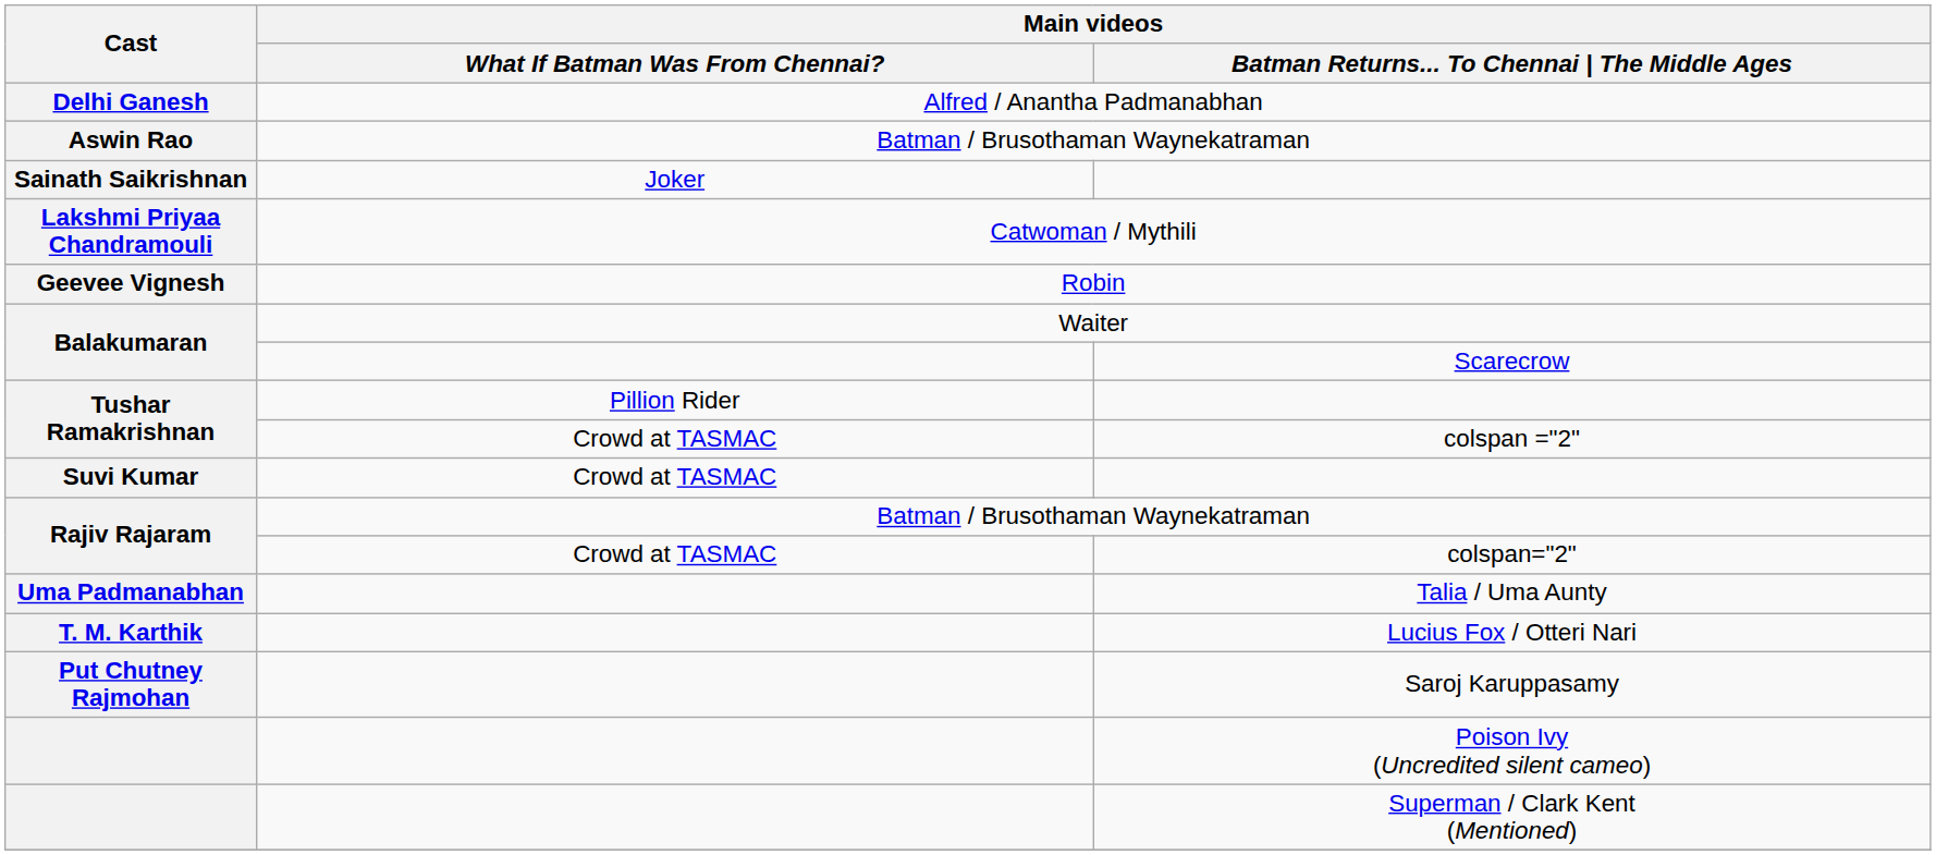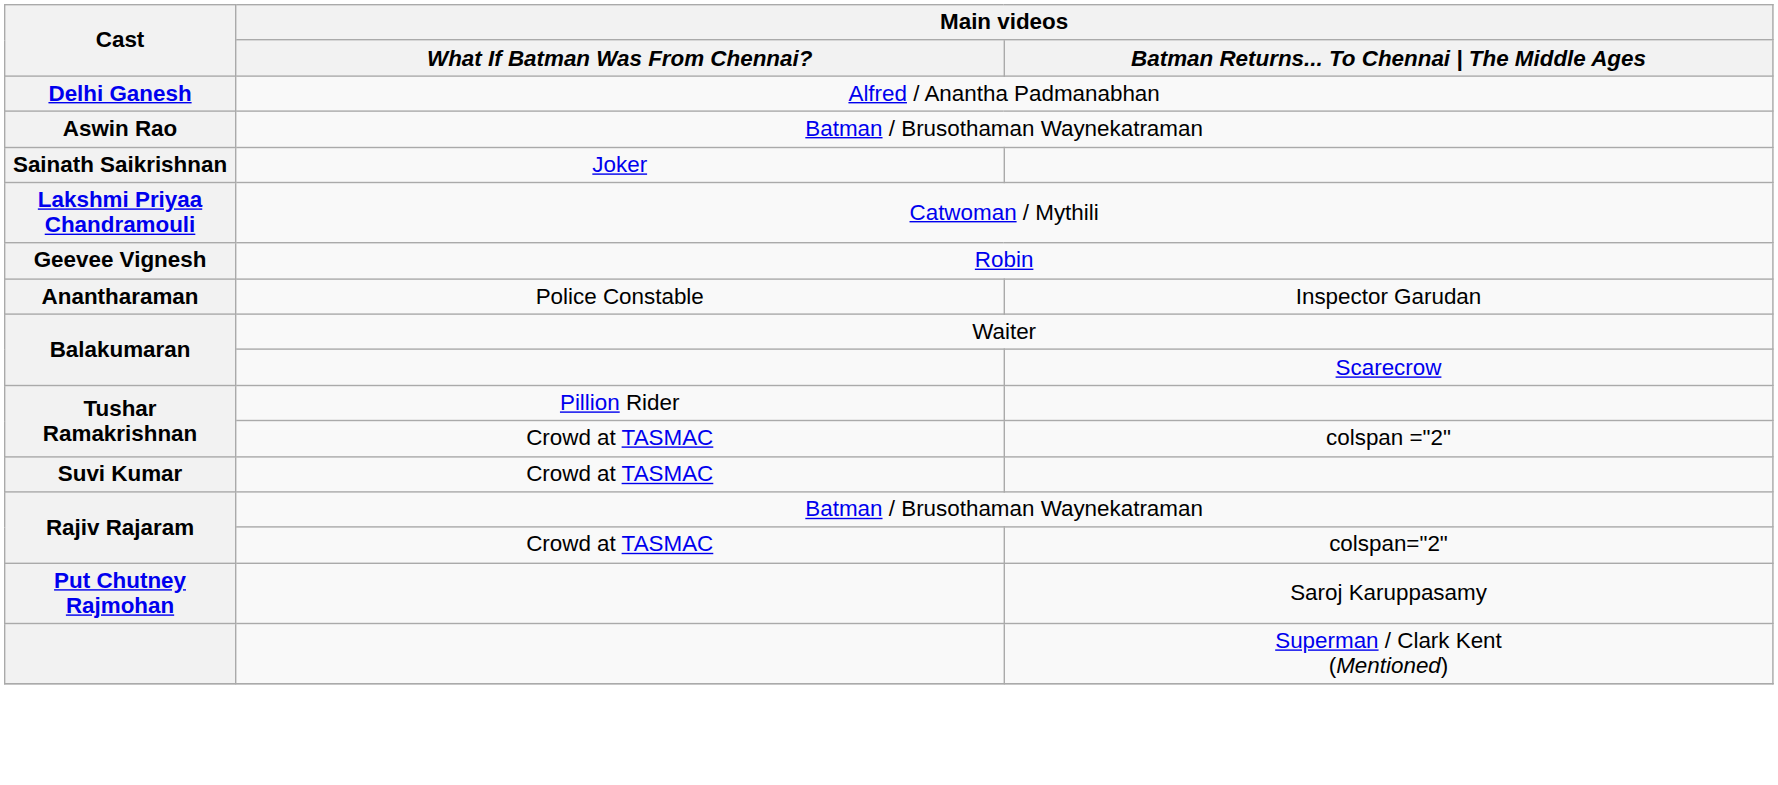 <table class="wikitable sortable" style="text-align: center; width: 100%">
 <tr>
 <th rowspan="2" style="width:10%;">Cast</th>
 <th colspan="2">Main videos</th>
 </tr>
 <tr>
 <th style="width:33.33%;"><em>What If Batman Was From Chennai?</em></th>
 <th style="width:33.33%;"><em>Batman Returns... To Chennai | The Middle Ages</em></th>
 </tr>
 <tr>
 <th><a href='#'>Delhi Ganesh</a></th>
 <td colspan="2"><a href='#'>Alfred</a> / Anantha Padmanabhan</td>
 </tr>
 <tr>
 <th>Aswin Rao</th>
 <td colspan="2"><a href='#'>Batman</a> / Brusothaman Waynekatraman</td>
 </tr>
 <tr>
 <th>Sainath Saikrishnan</th>
 <td><a href='#'>Joker</a></td>
 <td></td>
 </tr>
 <tr>
 <th><a href='#'>Lakshmi Priyaa Chandramouli</a></th>
 <td colspan="2"><a href='#'>Catwoman</a> / Mythili</td>
 </tr>
 <tr>
 <th>Geevee Vignesh</th>
 <td colspan="2"><a href='#'>Robin</a></td>
+</tr>
+<tr>
+<th>Anantharaman</th>
+<td>Police Constable</td>
+<td>Inspector Garudan</td>
 </tr>
 <tr>
 <th rowspan="2">Balakumaran</th>
 <td colspan="2">Waiter</td>
 </tr>
 <tr>
 <td></td>
 <td><a href='#'>Scarecrow</a></td>
 </tr>
 <tr>
 <th rowspan="2">Tushar Ramakrishnan</th>
 <td><a href='#'>Pillion</a> Rider</td>
 <td></td>
 </tr>
 <tr>
 <td>Crowd at <a href='#'>TASMAC</a></td>
 <td>colspan ="2" </td>
 </tr>
 <tr>
 <th>Suvi Kumar</th>
 <td>Crowd at <a href='#'>TASMAC</a></td>
 <td></td>
 </tr>
 <tr>
 <th rowspan="2">Rajiv Rajaram</th>
 <td colspan="2"><a href='#'>Batman</a> / Brusothaman Waynekatraman</td>
 </tr>
 <tr>
 <td>Crowd at <a href='#'>TASMAC</a></td>
 <td>colspan="2" </td>
 </tr>
 <tr>
-<th><a href='#'>Uma Padmanabhan</a></th>
-<td></td>
-<td><a href='#'>Talia</a> / Uma Aunty</td>
-</tr>
-<tr>
-<th><a href='#'>T. M. Karthik</a></th>
-<td></td>
-<td><a href='#'>Lucius Fox</a> / Otteri Nari</td>
-</tr>
-<tr>
 <th><a href='#'>Put Chutney Rajmohan</a></th>
 <td></td>
 <td>Saroj Karuppasamy</td>
-</tr>
-<tr>
-<th></th>
-<td></td>
-<td><a href='#'>Poison Ivy</a><br>(<em>Uncredited silent cameo</em>)</td>
 </tr>
 <tr>
 <th></th>
 <td></td>
 <td><a href='#'>Superman</a> / Clark Kent<br>(<em>Mentioned</em>)</td>
 </tr>
 <tr>
 </tr>
 </table>
